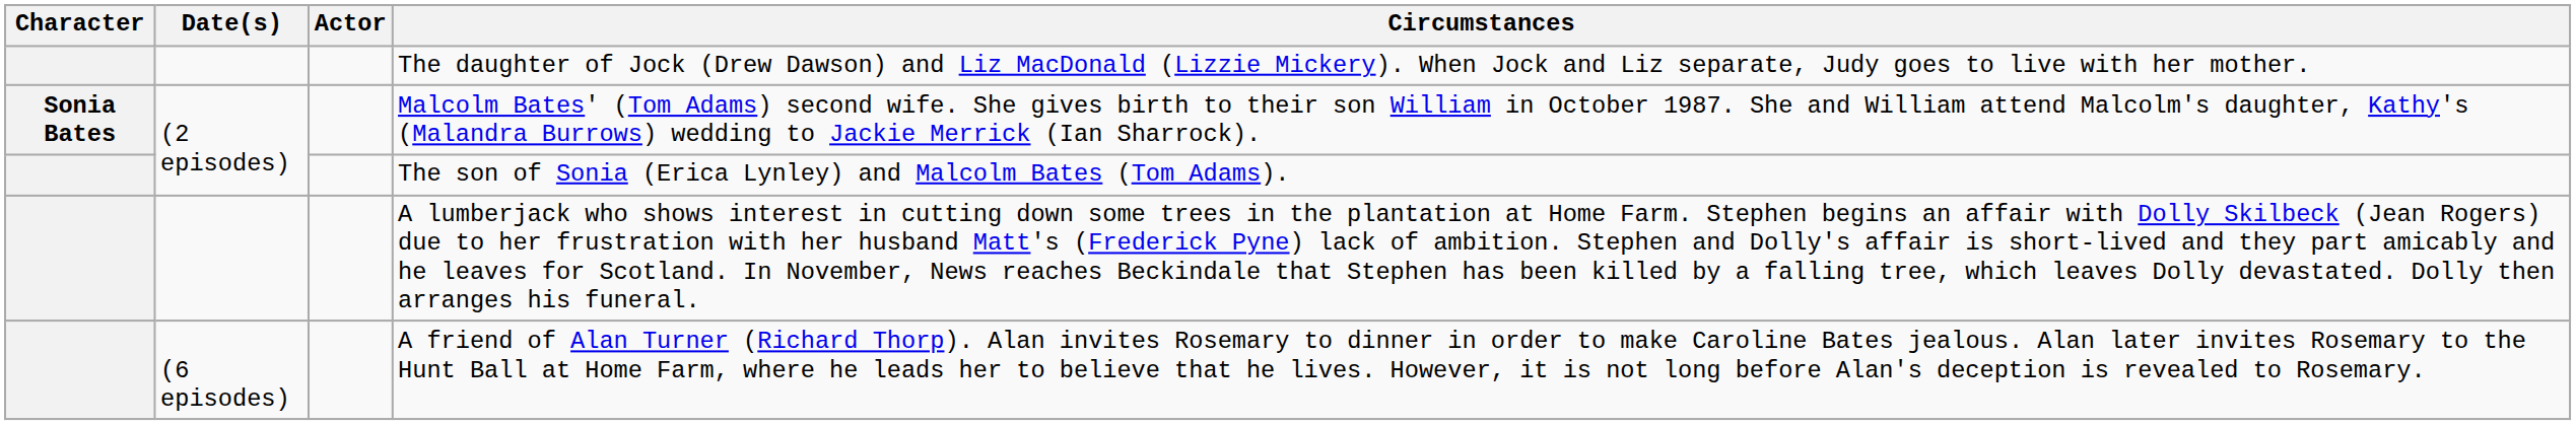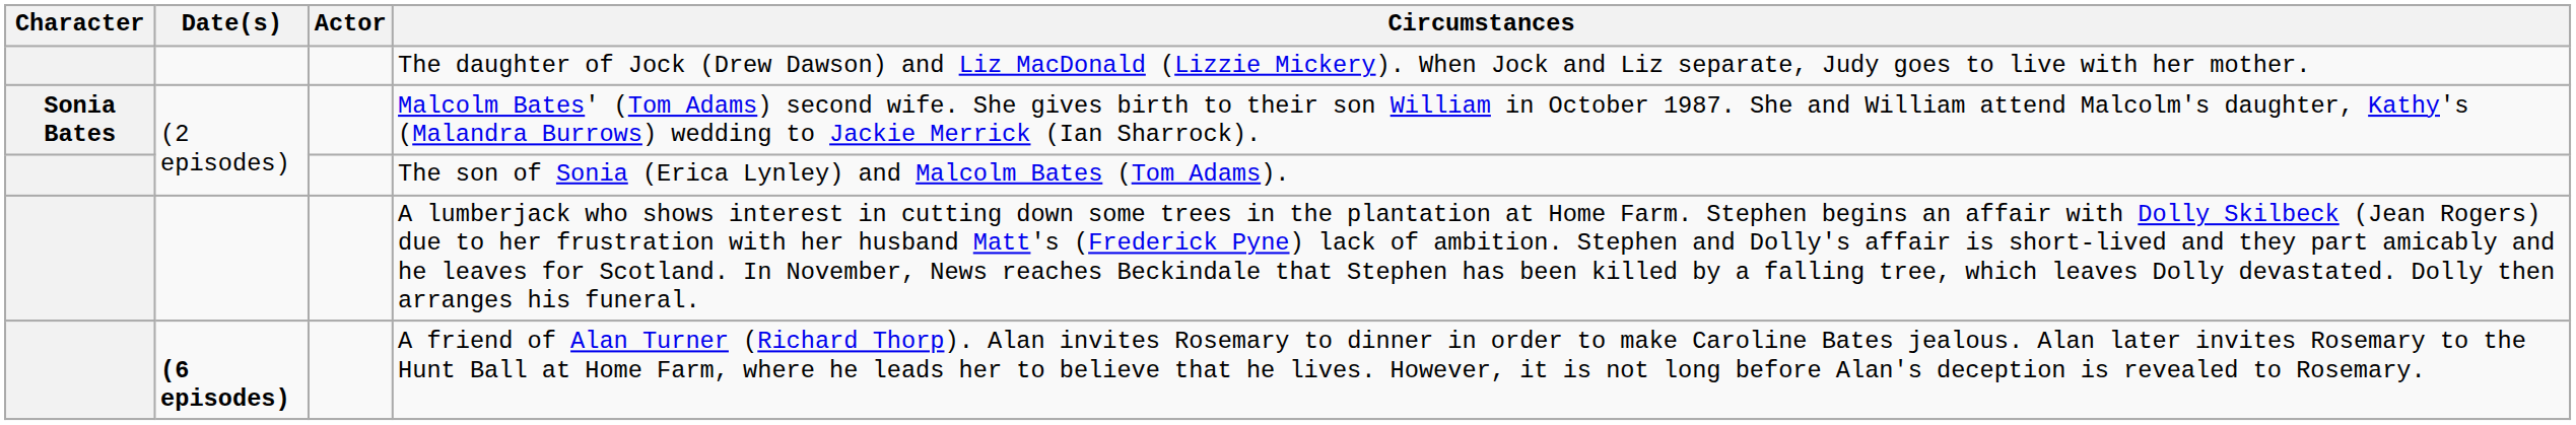 <table class="wikitable plainrowheaders" style="font-size:90%">
 <tr>
 <th scope="col">Character</th>
 <th scope="col">Date(s)</th>
 <th scope="col">Actor</th>
 <th scope="col">Circumstances</th>
 </tr>
 <tr valign="top">
 <th scope="row"></th>
 <td></td>
 <td></td>
 <td>The daughter of Jock (Drew Dawson) and <a href='#'>Liz MacDonald</a> (<a href='#'>Lizzie Mickery</a>). When Jock and Liz separate, Judy goes to live with her mother.</td>
 </tr>
 <tr valign="top">
 <th scope="row">Sonia Bates</th>
 <td rowspan="2"><br>(2 episodes)</td>
 <td></td>
 <td><a href='#'>Malcolm Bates</a>' (<a href='#'>Tom Adams</a>) second wife. She gives birth to their son <a href='#'>William</a> in October 1987. She and William attend Malcolm's daughter, <a href='#'>Kathy</a>'s (<a href='#'>Malandra Burrows</a>) wedding to <a href='#'>Jackie Merrick</a> (Ian Sharrock).</td>
 </tr>
 <tr valign="top">
 <th scope="row"> </th>
 <td></td>
 <td>The son of <a href='#'>Sonia</a> (Erica Lynley) and <a href='#'>Malcolm Bates</a> (<a href='#'>Tom Adams</a>).</td>
 </tr>
 <tr valign="top">
 <th scope="row"></th>
 <td></td>
 <td></td>
 <td>A lumberjack who shows interest in cutting down some trees in the plantation at Home Farm. Stephen begins an affair with <a href='#'>Dolly Skilbeck</a> (Jean Rogers) due to her frustration with her husband <a href='#'>Matt</a>'s (<a href='#'>Frederick Pyne</a>) lack of ambition. Stephen and Dolly's affair is short-lived and they part amicably and he leaves for Scotland. In November, News reaches Beckindale that Stephen has been killed by a falling tree, which leaves Dolly devastated. Dolly then arranges his funeral.</td>
 </tr>
 <tr valign="top">
 <th scope="row"></th>
-<td><br>(6 episodes)</td>
+<td><strong><br>(6 episodes)</strong></td>
 <td></td>
 <td>A friend of <a href='#'>Alan Turner</a> (<a href='#'>Richard Thorp</a>). Alan invites Rosemary to dinner in order to make Caroline Bates jealous. Alan later invites Rosemary to the Hunt Ball at Home Farm, where he leads her to believe that he lives. However, it is not long before Alan's deception is revealed to Rosemary.</td>
 </tr>
 </table>
